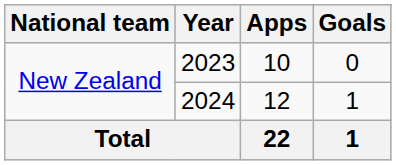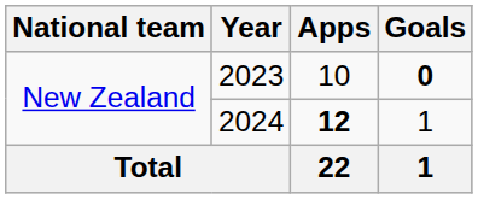 <table class=wikitable style=text-align:center>
 <tr>
 <th>National team</th>
 <th>Year</th>
 <th>Apps</th>
 <th>Goals</th>
 </tr>
 <tr>
 <td rowspan=2><a href='#'>New Zealand</a></td>
 <td>2023</td>
 <td>10</td>
-<td>0</td>
+<td><strong>0</strong></td>
 </tr>
 <tr>
 <td>2024</td>
-<td>12</td>
+<td><strong>12</strong></td>
 <td>1</td>
 </tr>
 <tr>
 <th colspan=2>Total</th>
 <th>22</th>
 <th>1</th>
 </tr>
 </table>
